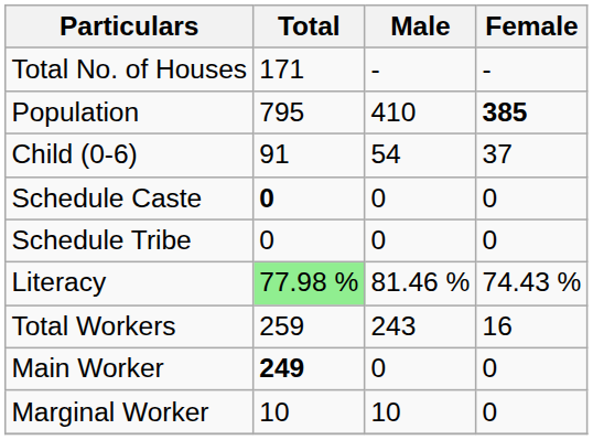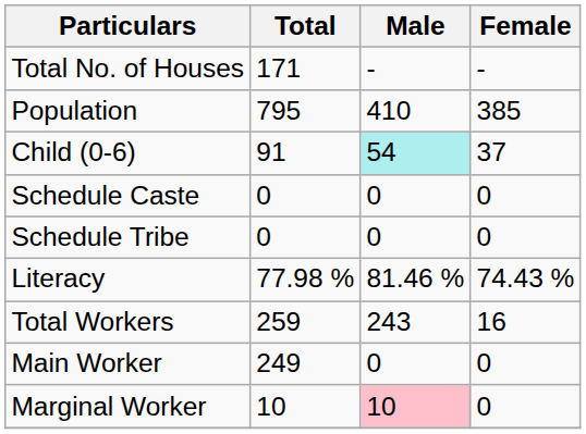 <table class="wikitable sortable">
 <tr>
 <th>Particulars</th>
 <th>Total</th>
 <th>Male</th>
 <th>Female</th>
 </tr>
 <tr>
 <td>Total No. of Houses</td>
 <td>171</td>
 <td>-</td>
 <td>-</td>
 </tr>
 <tr>
 <td>Population</td>
 <td>795</td>
 <td>410</td>
-<td><strong>385</strong></td>
+<td>385</td>
 </tr>
 <tr>
 <td>Child (0-6)</td>
 <td>91</td>
-<td>54</td>
+<td style="background: paleturquoise;">54</td>
 <td>37</td>
 </tr>
 <tr>
 <td>Schedule Caste</td>
-<td><strong>0</strong></td>
+<td>0</td>
 <td>0</td>
 <td>0</td>
 </tr>
 <tr>
 <td>Schedule Tribe</td>
 <td>0</td>
 <td>0</td>
 <td>0</td>
 </tr>
 <tr>
 <td>Literacy</td>
-<td style="background: lightgreen;">77.98 %</td>
+<td>77.98 %</td>
 <td>81.46 %</td>
 <td>74.43 %</td>
 </tr>
 <tr>
 <td>Total Workers</td>
 <td>259</td>
 <td>243</td>
 <td>16</td>
 </tr>
 <tr>
 <td>Main Worker</td>
-<td><strong>249</strong></td>
+<td>249</td>
 <td>0</td>
 <td>0</td>
 </tr>
 <tr>
 <td>Marginal Worker</td>
 <td>10</td>
-<td>10</td>
+<td style="background: pink;">10</td>
 <td>0</td>
 </tr>
 <tr>
 </tr>
 </table>
